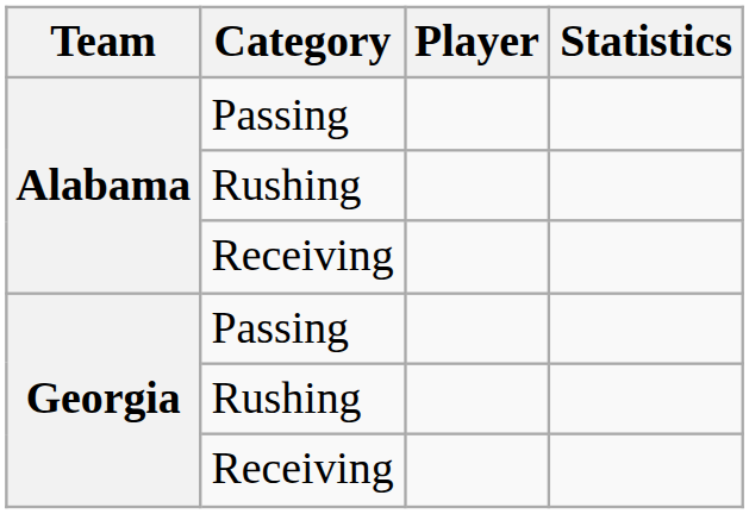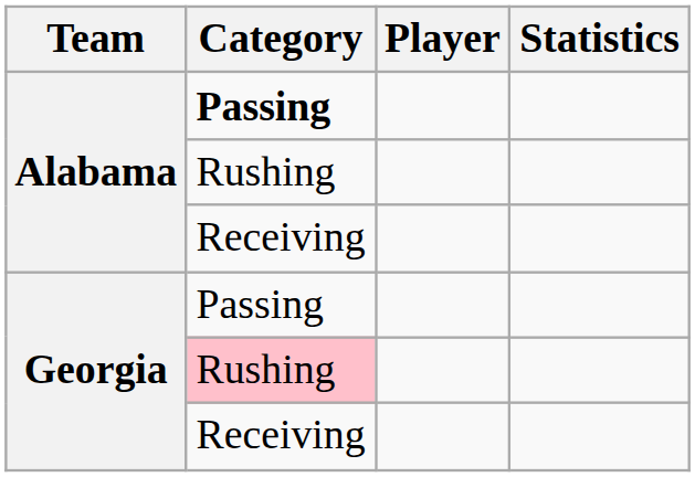 <table class="wikitable" style="float:right">
 <tr>
 <th>Team</th>
 <th>Category</th>
 <th>Player</th>
 <th>Statistics</th>
 </tr>
 <tr>
 <th rowspan=3>Alabama</th>
-<td>Passing</td>
+<td><strong>Passing</strong></td>
 <td></td>
 <td></td>
 </tr>
 <tr>
 <td>Rushing</td>
 <td></td>
 <td></td>
 </tr>
 <tr>
 <td>Receiving</td>
 <td></td>
 <td></td>
 </tr>
 <tr>
 <th rowspan=3>Georgia</th>
 <td>Passing</td>
 <td></td>
 <td></td>
 </tr>
 <tr>
-<td>Rushing</td>
+<td style="background: pink;">Rushing</td>
 <td></td>
 <td></td>
 </tr>
 <tr>
 <td>Receiving</td>
 <td></td>
 <td></td>
 </tr>
 </table>
